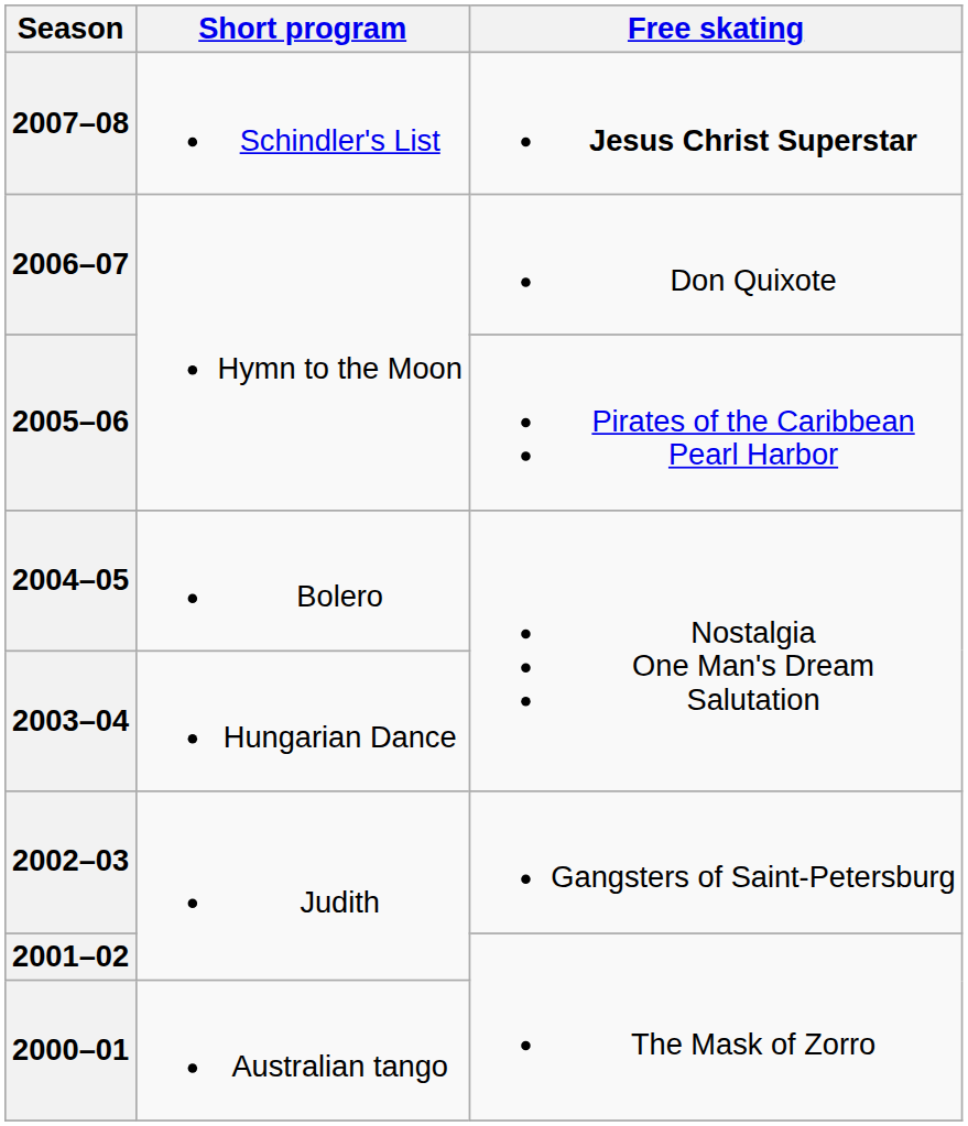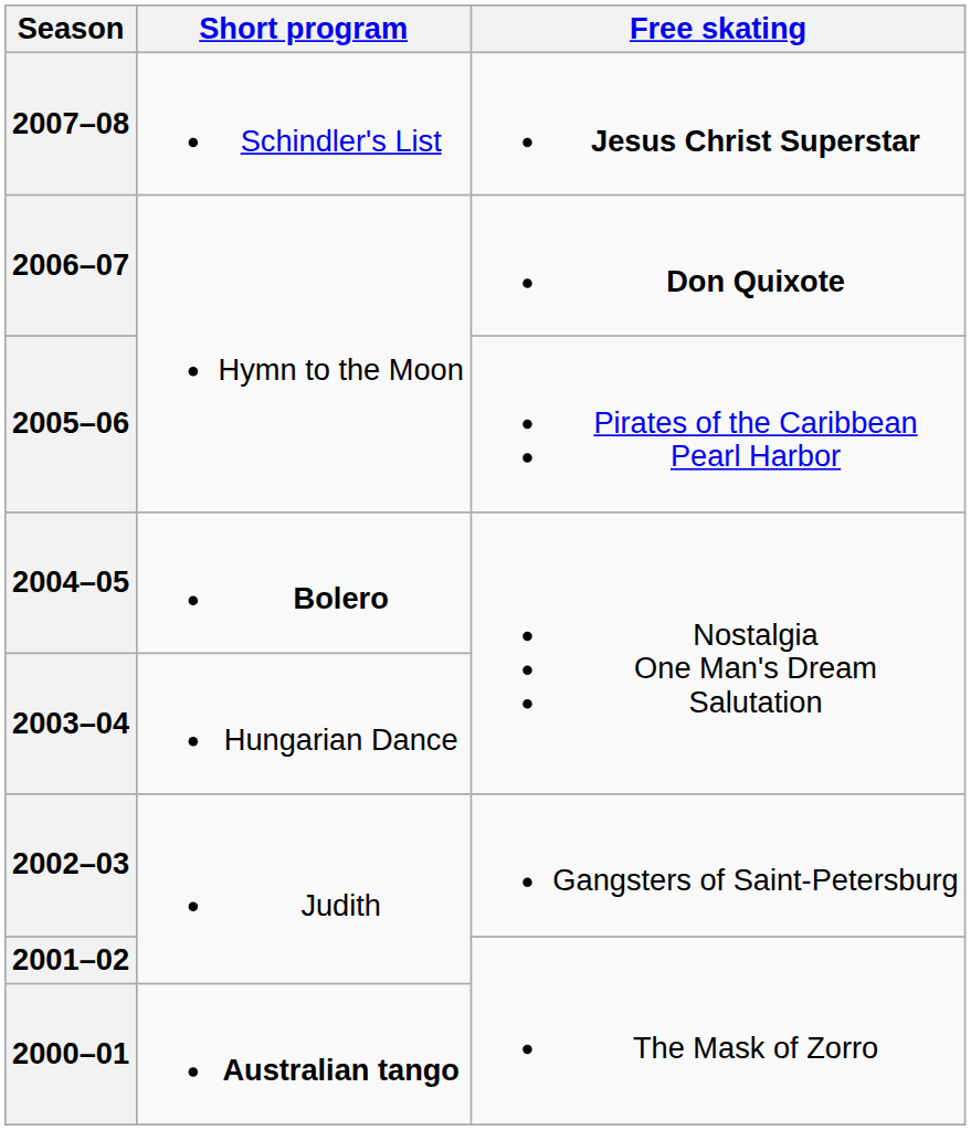 <table class=wikitable style=text-align:center>
 <tr>
 <th>Season</th>
 <th><a href='#'>Short program</a></th>
 <th><a href='#'>Free skating</a></th>
 </tr>
 <tr>
 <th>2007–08 <br> </th>
 <td><br><ul><li><a href='#'>Schindler's List</a> <br></li></ul></td>
 <td><strong><br><ul><li>Jesus Christ Superstar <br></li></ul></strong></td>
 </tr>
 <tr>
 <th>2006–07 <br> </th>
 <td rowspan=2><br><ul><li>Hymn to the Moon <br></li></ul></td>
-<td><br><ul><li>Don Quixote <br></li></ul></td>
+<td><strong><br><ul><li>Don Quixote <br></li></ul></strong></td>
 </tr>
 <tr>
 <th>2005–06 <br> </th>
 <td><br><ul><li><a href='#'>Pirates of the Caribbean</a> <br></li><li><a href='#'>Pearl Harbor</a> <br></li></ul></td>
 </tr>
 <tr>
 <th>2004–05 <br> </th>
-<td><br><ul><li>Bolero <br></li></ul></td>
+<td><strong><br><ul><li>Bolero <br></li></ul></strong></td>
 <td rowspan=2><br><ul><li>Nostalgia <br></li><li>One Man's Dream <br></li><li>Salutation <br></li></ul></td>
 </tr>
 <tr>
 <th>2003–04 <br> </th>
 <td><br><ul><li>Hungarian Dance <br></li></ul></td>
 </tr>
 <tr>
 <th>2002–03 <br> </th>
 <td rowspan=2><br><ul><li>Judith <br></li></ul></td>
 <td><br><ul><li>Gangsters of Saint-Petersburg <br></li></ul></td>
 </tr>
 <tr>
 <th>2001–02 <br> </th>
 <td rowspan=2><br><ul><li>The Mask of Zorro <br></li></ul></td>
 </tr>
 <tr>
 <th>2000–01 <br> </th>
-<td><br><ul><li>Australian tango</li></ul></td>
+<td><strong><br><ul><li>Australian tango</li></ul></strong></td>
 </tr>
 </table>
